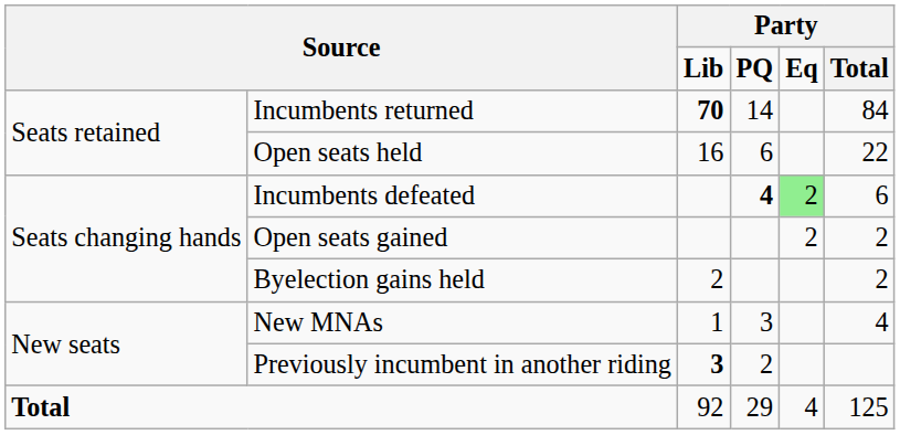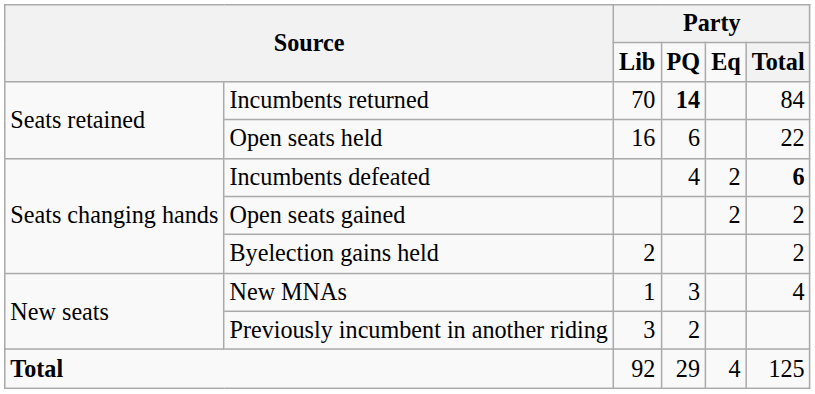 <table class="wikitable" style="text-align:right;">
 <tr>
 <th colspan="2" rowspan="2">Source</th>
 <th colspan="6">Party</th>
 </tr>
 <tr>
 <td><strong>Lib</strong></td>
 <td><strong>PQ</strong></td>
 <td><strong>Eq</strong></td>
 <th>Total</th>
 </tr>
 <tr>
 <td rowspan="2" style="text-align:left;">Seats retained</td>
 <td style="text-align:left;">Incumbents returned</td>
-<td><strong>70</strong></td>
-<td>14</td>
+<td>70</td>
+<td><strong>14</strong></td>
 <td></td>
 <td>84</td>
 </tr>
 <tr>
 <td style="text-align:left;">Open seats held</td>
 <td>16</td>
 <td>6</td>
 <td></td>
 <td>22</td>
 </tr>
 <tr>
 <td rowspan="3" style="text-align:left;">Seats changing hands</td>
 <td style="text-align:left;">Incumbents defeated</td>
 <td></td>
-<td><strong>4</strong></td>
-<td style="background: lightgreen;">2</td>
-<td>6</td>
+<td>4</td>
+<td>2</td>
+<td><strong>6</strong></td>
 </tr>
 <tr>
 <td style="text-align:left;">Open seats gained</td>
 <td></td>
 <td></td>
 <td>2</td>
 <td>2</td>
 </tr>
 <tr>
 <td style="text-align:left;">Byelection gains held</td>
 <td>2</td>
 <td></td>
 <td></td>
 <td>2</td>
 </tr>
 <tr>
 <td rowspan="2" style="text-align:left;">New seats</td>
 <td style="text-align:left;">New MNAs</td>
 <td>1</td>
 <td>3</td>
 <td></td>
 <td>4</td>
 </tr>
 <tr>
 <td style="text-align:left;">Previously incumbent in another riding</td>
-<td><strong>3</strong></td>
+<td>3</td>
 <td>2</td>
 <td></td>
 <td></td>
 </tr>
 <tr>
 <td colspan="2" style="text-align:left;"><strong>Total</strong></td>
 <td>92</td>
 <td>29</td>
 <td>4</td>
 <td>125</td>
 </tr>
 </table>
